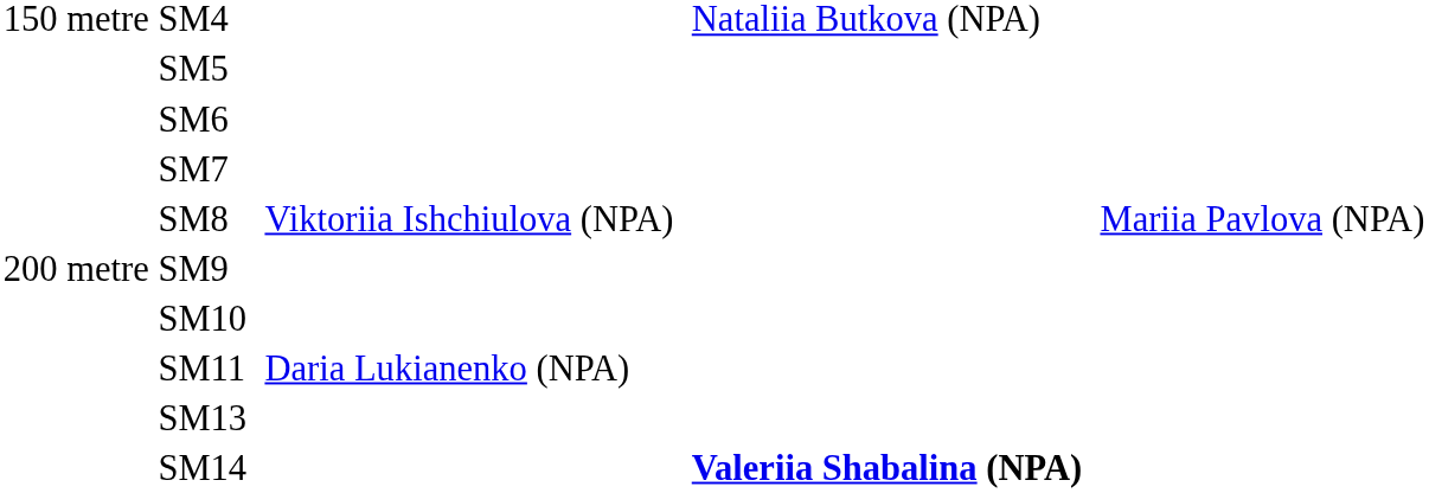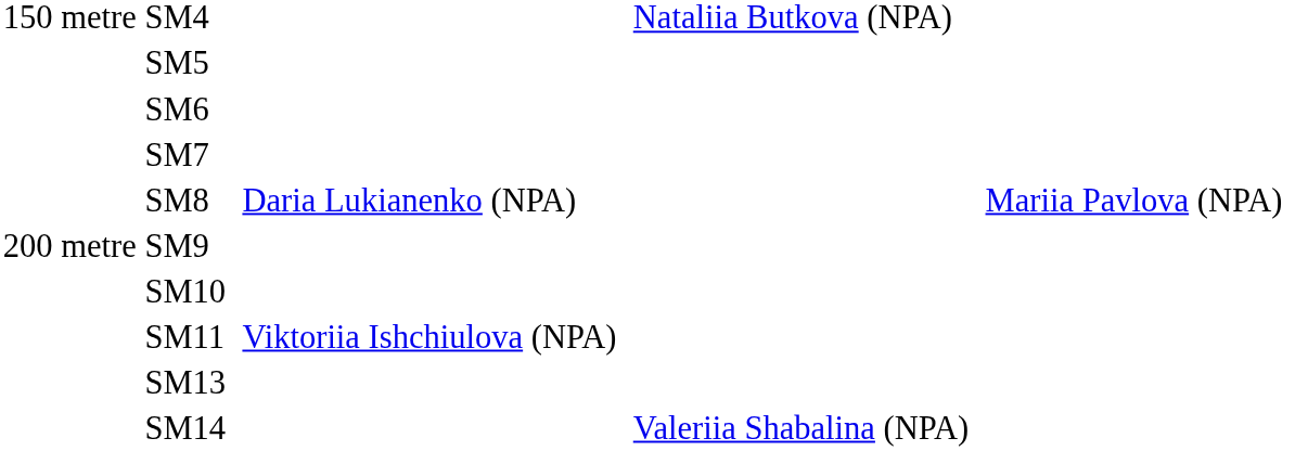 <table>
 <tr>
 <td>150 metre</td>
 <td>SM4</td>
 <td></td>
 <td><span> </span><a href='#'>Nataliia Butkova</a> <span>(<abbr>NPA</abbr>)</span></td>
 <td></td>
 </tr>
 <tr>
 <td rowspan=9>200 metre</td>
 <td>SM5</td>
 <td></td>
 <td></td>
 <td></td>
 </tr>
 <tr>
 <td>SM6</td>
 <td></td>
 <td></td>
 <td></td>
 </tr>
 <tr>
 <td>SM7</td>
 <td></td>
 <td></td>
 <td></td>
 </tr>
 <tr>
 <td>SM8</td>
-<td><span> </span><a href='#'>Viktoriia Ishchiulova</a> <span>(<abbr>NPA</abbr>)</span></td>
+<td><span> </span><a href='#'>Daria Lukianenko</a> <span>(<abbr>NPA</abbr>)</span></td>
 <td></td>
 <td><span> </span><a href='#'>Mariia Pavlova</a> <span>(<abbr>NPA</abbr>)</span></td>
 </tr>
 <tr>
 <td>SM9</td>
 <td></td>
 <td></td>
 <td></td>
 </tr>
 <tr>
 <td>SM10</td>
 <td></td>
 <td></td>
 <td></td>
 </tr>
 <tr>
 <td>SM11</td>
-<td><span> </span><a href='#'>Daria Lukianenko</a> <span>(<abbr>NPA</abbr>)</span></td>
+<td><span> </span><a href='#'>Viktoriia Ishchiulova</a> <span>(<abbr>NPA</abbr>)</span></td>
 <td></td>
 <td></td>
 </tr>
 <tr>
 <td>SM13</td>
 <td></td>
 <td></td>
 <td></td>
 </tr>
 <tr>
 <td>SM14</td>
 <td></td>
-<td><strong><span> </span><a href='#'>Valeriia Shabalina</a> <span>(<abbr>NPA</abbr>)</span></strong></td>
+<td><span> </span><a href='#'>Valeriia Shabalina</a> <span>(<abbr>NPA</abbr>)</span></td>
 <td></td>
 </tr>
 </table>
